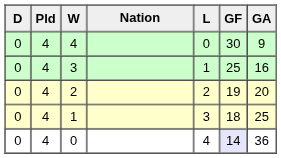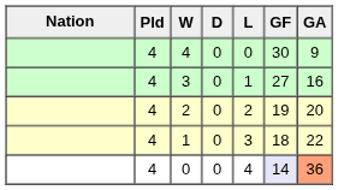 <table border=1 cellpadding=5 cellspacing=0>
 <tr>
-<th bgcolor="#efefef" width="20">D</th>
+<th bgcolor="#efefef" width="120">Nation　</th>
 <th bgcolor="#efefef" width="20">Pld</th>
 <th bgcolor="#efefef" width="20">W</th>
-<th bgcolor="#efefef" width="120">Nation　</th>
+<th bgcolor="#efefef" width="20">D</th>
 <th bgcolor="#efefef" width="20">L</th>
 <th bgcolor="#efefef" width="20">GF</th>
 <th bgcolor="#efefef" width="20">GA</th>
 </tr>
 <tr align=center bgcolor="#ccffcc">
-<td>0</td>
+<td align=left></td>
 <td>4</td>
 <td>4</td>
-<td align=left></td>
+<td>0</td>
 <td>0</td>
 <td>30</td>
 <td>9</td>
 </tr>
 <tr align=center bgcolor="#ccffcc">
-<td>0</td>
+<td align=left></td>
 <td>4</td>
 <td>3</td>
-<td align=left></td>
+<td>0</td>
 <td>1</td>
-<td>25</td>
+<td>27</td>
 <td>16</td>
 </tr>
 <tr align=center bgcolor="#ffffcc">
-<td>0</td>
+<td align=left></td>
 <td>4</td>
 <td>2</td>
-<td align=left></td>
+<td>0</td>
 <td>2</td>
 <td>19</td>
 <td>20</td>
 </tr>
 <tr align=center bgcolor="#ffffcc">
+<td align=left></td>
+<td>4</td>
+<td>1</td>
+<td>0</td>
+<td>3</td>
+<td>18</td>
+<td>22</td>
+</tr>
+<tr align=center>
+<td align=left></td>
+<td>4</td>
+<td>0</td>
 <td>0</td>
 <td>4</td>
-<td>1</td>
-<td align=left></td>
-<td>3</td>
-<td>18</td>
-<td>25</td>
-</tr>
-<tr align=center>
-<td>0</td>
-<td>4</td>
-<td>0</td>
-<td align=left></td>
-<td>4</td>
 <td style="background: lavender;">14</td>
-<td>36</td>
+<td style="background: lightsalmon;">36</td>
 </tr>
 </table>
